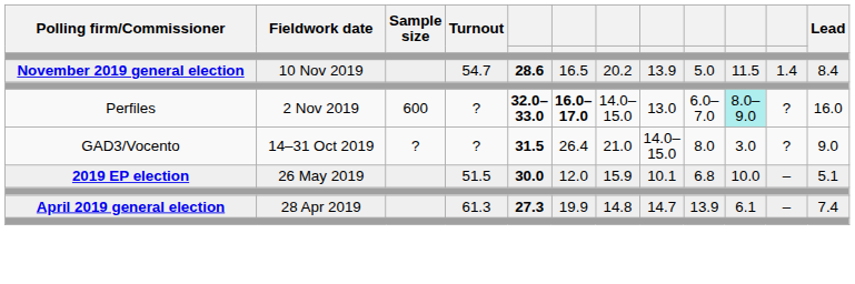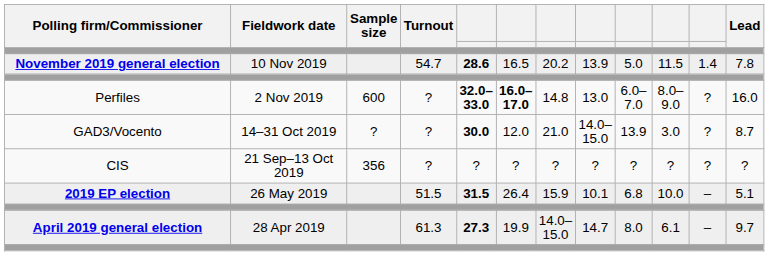 <table class="wikitable collapsible collapsed" style="text-align:center; font-size:95%; line-height:16px;">
 <tr style="height:42px;">
 <th style="width:250px;" rowspan="2">Polling firm/Commissioner</th>
 <th style="width:125px;" rowspan="2">Fieldwork date</th>
 <th style="width:50px;" rowspan="2">Sample size</th>
 <th style="width:45px;" rowspan="2">Turnout</th>
 <th style="width:35px;"></th>
 <th style="width:35px;"></th>
 <th style="width:35px;"></th>
 <th style="width:35px;"></th>
 <th style="width:35px;"></th>
 <th style="width:35px;"></th>
 <th style="width:35px;"></th>
 <th style="width:30px;" rowspan="2">Lead</th>
 </tr>
 <tr>
 <th style="color:inherit;background:"></th>
 <th style="color:inherit;background:"></th>
 <th style="color:inherit;background:"></th>
 <th style="color:inherit;background:"></th>
 <th style="color:inherit;background:"></th>
 <th style="color:inherit;background:"></th>
 <th style="color:inherit;background:"></th>
 </tr>
 <tr>
 <td colspan="12" style="background:#A0A0A0"></td>
 </tr>
 <tr style="background:#EFEFEF;">
 <td><strong><a href='#'>November 2019 general election</a></strong></td>
 <td>10 Nov 2019</td>
 <td></td>
 <td>54.7</td>
 <td><strong>28.6</strong><br></td>
 <td>16.5<br></td>
 <td>20.2<br></td>
 <td>13.9<br></td>
 <td>5.0<br></td>
 <td>11.5<br></td>
 <td>1.4<br></td>
-<td style="background:">8.4</td>
+<td style="background:">7.8</td>
 </tr>
 <tr>
 <td colspan="12" style="background:#A0A0A0"></td>
 </tr>
 <tr>
 <td>Perfiles</td>
 <td>2 Nov 2019</td>
 <td>600</td>
 <td>?</td>
 <td><strong>32.0–<br>33.0</strong><br></td>
 <td><strong>16.0–<br>17.0<br></strong></td>
-<td>14.0–<br>15.0<br></td>
+<td>14.8<br></td>
 <td>13.0<br></td>
 <td>6.0–<br>7.0<br></td>
-<td style="background: paleturquoise;">8.0–<br>9.0<br></td>
+<td>8.0–<br>9.0<br></td>
 <td>?<br></td>
 <td style="background:">16.0</td>
 </tr>
 <tr>
 <td>GAD3/Vocento</td>
 <td>14–31 Oct 2019</td>
 <td>?</td>
 <td>?</td>
-<td><strong>31.5</strong><br></td>
-<td>26.4<br></td>
+<td><strong>30.0</strong><br></td>
+<td>12.0<br></td>
 <td>21.0<br></td>
 <td>14.0–<br>15.0<br></td>
-<td>8.0<br></td>
+<td>13.9<br></td>
 <td>3.0<br></td>
 <td>?<br></td>
-<td style="background:">9.0</td>
+<td style="background:">8.7</td>
+</tr>
+<tr>
+<td>CIS</td>
+<td>21 Sep–13 Oct 2019</td>
+<td>356</td>
+<td>?</td>
+<td>?<br></td>
+<td>?<br></td>
+<td>?<br></td>
+<td>?<br></td>
+<td>?<br></td>
+<td>?<br></td>
+<td>?<br></td>
+<td style="background:">?</td>
 </tr>
 <tr style="background:#EFEFEF;">
 <td><strong><a href='#'>2019 EP election</a></strong></td>
 <td>26 May 2019</td>
 <td></td>
 <td>51.5</td>
-<td><strong>30.0</strong><br></td>
-<td>12.0<br></td>
+<td><strong>31.5</strong><br></td>
+<td>26.4<br></td>
 <td>15.9<br></td>
 <td>10.1<br></td>
 <td>6.8<br></td>
 <td>10.0<br></td>
 <td>–</td>
 <td style="background:">5.1</td>
 </tr>
 <tr>
 <td colspan="12" style="background:#A0A0A0"></td>
 </tr>
 <tr style="background:#EFEFEF;">
 <td><strong><a href='#'>April 2019 general election</a></strong></td>
 <td>28 Apr 2019</td>
 <td></td>
 <td>61.3</td>
 <td><strong>27.3</strong><br></td>
 <td>19.9<br></td>
-<td>14.8<br></td>
+<td>14.0–<br>15.0<br></td>
 <td>14.7<br></td>
-<td>13.9<br></td>
+<td>8.0<br></td>
 <td>6.1<br></td>
 <td>–</td>
-<td style="background:">7.4</td>
+<td style="background:">9.7</td>
 </tr>
 <tr>
 <td colspan="12" style="background:#A0A0A0"></td>
 </tr>
 </table>
